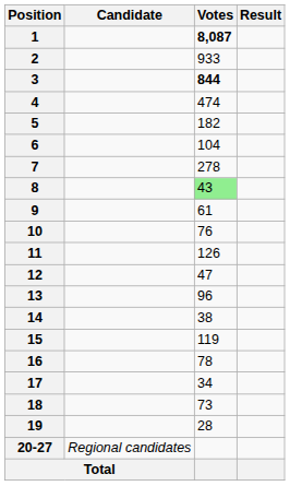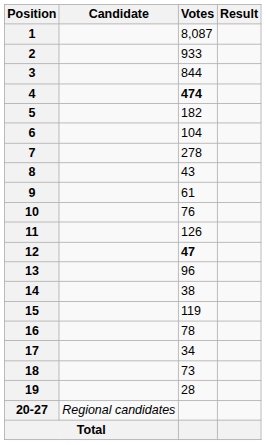 <table class="wikitable sortable col3right">
 <tr>
 <th scope="col">Position</th>
 <th scope="col">Candidate</th>
 <th scope="col">Votes</th>
 <th scope="col">Result</th>
 </tr>
 <tr>
 <th scope="row">1</th>
 <td></td>
-<td><strong>8,087</strong></td>
+<td>8,087</td>
 <td></td>
 </tr>
 <tr>
 <th scope="row">2</th>
 <td></td>
 <td>933</td>
 <td></td>
 </tr>
 <tr>
 <th scope="row">3</th>
 <td></td>
-<td><strong>844</strong></td>
+<td>844</td>
 <td></td>
 </tr>
 <tr>
 <th scope="row">4</th>
 <td></td>
-<td>474</td>
+<td><strong>474</strong></td>
 <td></td>
 </tr>
 <tr>
 <th scope="row">5</th>
 <td></td>
 <td>182</td>
 <td></td>
 </tr>
 <tr>
 <th scope="row">6</th>
 <td></td>
 <td>104</td>
 <td></td>
 </tr>
 <tr>
 <th scope="row">7</th>
 <td></td>
 <td>278</td>
 <td></td>
 </tr>
 <tr>
 <th scope="row">8</th>
 <td></td>
-<td style="background: lightgreen;">43</td>
+<td>43</td>
 <td></td>
 </tr>
 <tr>
 <th scope="row">9</th>
 <td></td>
 <td>61</td>
 <td></td>
 </tr>
 <tr>
 <th scope="row">10</th>
 <td></td>
 <td>76</td>
 <td></td>
 </tr>
 <tr>
 <th scope="row">11</th>
 <td></td>
 <td>126</td>
 <td></td>
 </tr>
 <tr>
 <th scope="row">12</th>
 <td></td>
-<td>47</td>
+<td><strong>47</strong></td>
 <td></td>
 </tr>
 <tr>
 <th scope="row">13</th>
 <td></td>
 <td>96</td>
 <td></td>
 </tr>
 <tr>
 <th scope="row">14</th>
 <td></td>
 <td>38</td>
 <td></td>
 </tr>
 <tr>
 <th scope="row">15</th>
 <td></td>
 <td>119</td>
 <td></td>
 </tr>
 <tr>
 <th scope="row">16</th>
 <td></td>
 <td>78</td>
 <td></td>
 </tr>
 <tr>
 <th scope="row">17</th>
 <td></td>
 <td>34</td>
 <td></td>
 </tr>
 <tr>
 <th scope="row">18</th>
 <td></td>
 <td>73</td>
 <td></td>
 </tr>
 <tr>
 <th scope="row">19</th>
 <td></td>
 <td>28</td>
 <td></td>
 </tr>
 <tr>
 <th scope="row">20-27</th>
 <td><em>Regional candidates</em></td>
 <td></td>
 <td></td>
 </tr>
 <tr class="sortbottom">
 <th scope="row" colspan="2">Total</th>
 <th></th>
 <th></th>
 </tr>
 </table>
